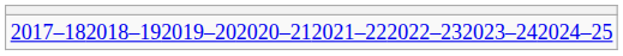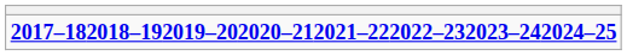 <table class="wikitable">
 <tr>
 <th></th>
 </tr>
 <tr>
-<td><a href='#'>2017–18</a><a href='#'>2018–19</a><a href='#'>2019–20</a><a href='#'>2020–21</a><a href='#'>2021–22</a><a href='#'>2022–23</a><a href='#'>2023–24</a><a href='#'>2024–25</a></td>
+<td><strong><a href='#'>2017–18</a><a href='#'>2018–19</a><a href='#'>2019–20</a><a href='#'>2020–21</a><a href='#'>2021–22</a><a href='#'>2022–23</a><a href='#'>2023–24</a><a href='#'>2024–25</a></strong></td>
 </tr>
 </table>
